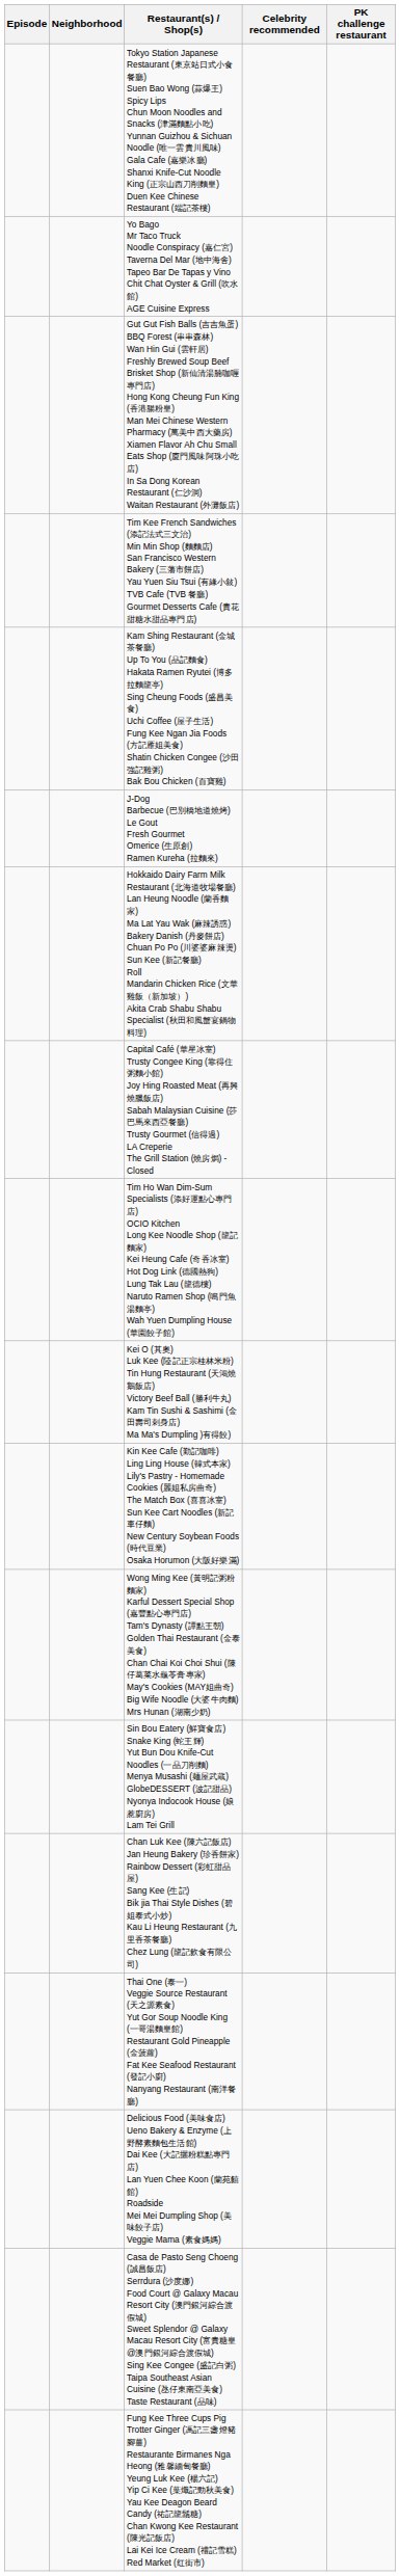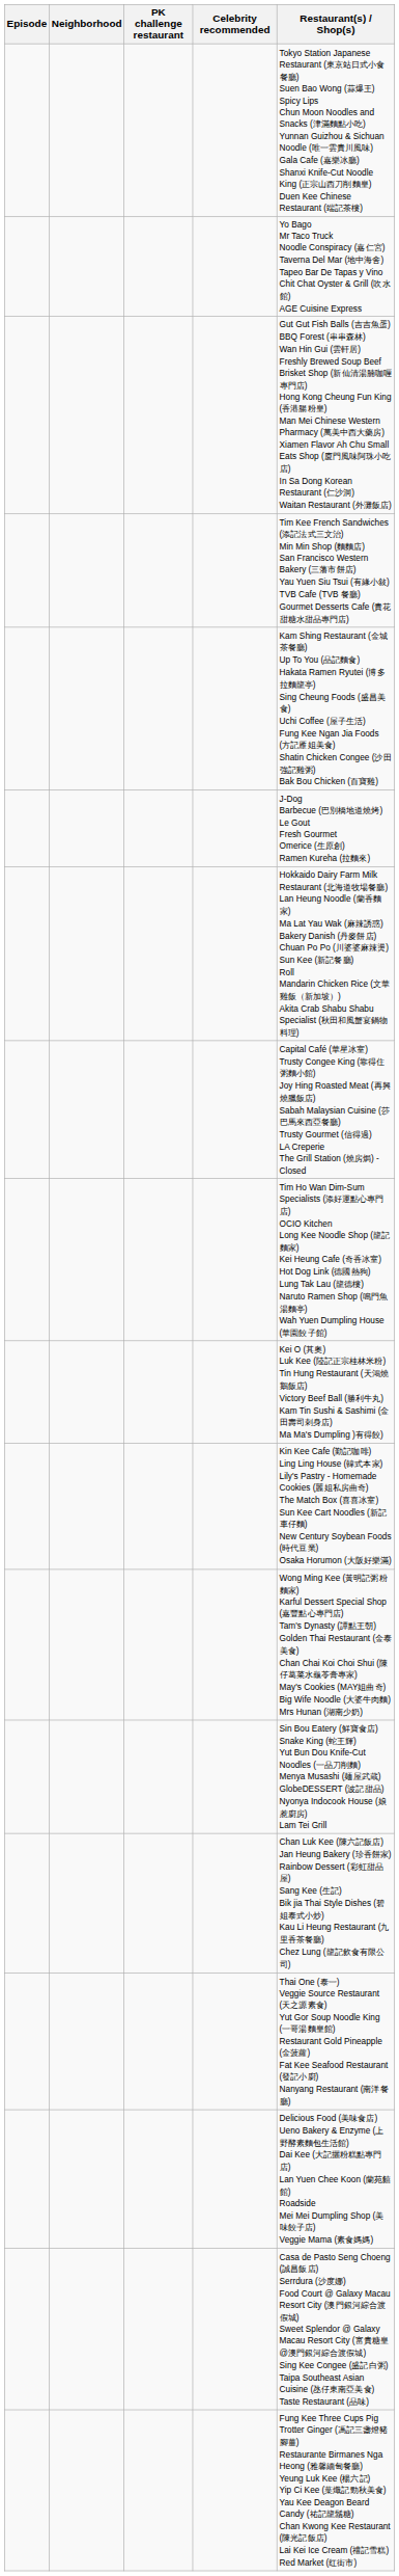 <table class="wikitable">
 <tr>
 <th>Episode</th>
 <th>Neighborhood</th>
+<th>PK challenge restaurant</th>
+<th>Celebrity recommended</th>
 <th>Restaurant(s) / Shop(s)</th>
-<th>Celebrity recommended</th>
-<th>PK challenge restaurant</th>
 </tr>
 <tr>
 <td></td>
 <td></td>
-<td><small>Tokyo Station Japanese Restaurant (東京站日式小食餐廳)<br>Suen Bao Wong (蒜爆王)<br>Spicy Lips<br>Chun Moon Noodles and Snacks (津滿麵點小吃)<br>Yunnan Guizhou & Sichuan Noodle (唯一雲貴川風味)<br>Gala Cafe (嘉樂冰廳)<br>Shanxi Knife-Cut Noodle King (正宗山西刀削麵皇)<br>Duen Kee Chinese Restaurant (端記茶樓)</small></td>
 <td></td>
 <td></td>
+<td><small>Tokyo Station Japanese Restaurant (東京站日式小食餐廳)<br>Suen Bao Wong (蒜爆王)<br>Spicy Lips<br>Chun Moon Noodles and Snacks (津滿麵點小吃)<br>Yunnan Guizhou & Sichuan Noodle (唯一雲貴川風味)<br>Gala Cafe (嘉樂冰廳)<br>Shanxi Knife-Cut Noodle King (正宗山西刀削麵皇)<br>Duen Kee Chinese Restaurant (端記茶樓)</small></td>
 </tr>
 <tr>
 <td></td>
 <td></td>
-<td><small>Yo Bago<br>Mr Taco Truck<br>Noodle Conspiracy (嘉仁宮)<br>Taverna Del Mar (地中海舍)<br>Tapeo Bar De Tapas y Vino<br>Chit Chat Oyster & Grill (吹水館)<br>AGE Cuisine Express</small></td>
 <td></td>
 <td></td>
+<td><small>Yo Bago<br>Mr Taco Truck<br>Noodle Conspiracy (嘉仁宮)<br>Taverna Del Mar (地中海舍)<br>Tapeo Bar De Tapas y Vino<br>Chit Chat Oyster & Grill (吹水館)<br>AGE Cuisine Express</small></td>
 </tr>
 <tr>
 <td></td>
 <td></td>
-<td><small>Gut Gut Fish Balls (吉吉魚蛋)<br>BBQ Forest (串串森林)<br>Wan Hin Gui (雲軒居)<br>Freshly Brewed Soup Beef Brisket Shop (新仙清湯腩咖喱專門店)<br>Hong Kong Cheung Fun King (香港腸粉皇)<br>Man Mei Chinese Western Pharmacy (萬美中西大藥房)<br>Xiamen Flavor Ah Chu Small Eats Shop (廈門風味阿珠小吃店)<br>In Sa Dong Korean Restaurant (仁沙洞)<br>Waitan Restaurant (外灘飯店)</small></td>
 <td></td>
 <td></td>
+<td><small>Gut Gut Fish Balls (吉吉魚蛋)<br>BBQ Forest (串串森林)<br>Wan Hin Gui (雲軒居)<br>Freshly Brewed Soup Beef Brisket Shop (新仙清湯腩咖喱專門店)<br>Hong Kong Cheung Fun King (香港腸粉皇)<br>Man Mei Chinese Western Pharmacy (萬美中西大藥房)<br>Xiamen Flavor Ah Chu Small Eats Shop (廈門風味阿珠小吃店)<br>In Sa Dong Korean Restaurant (仁沙洞)<br>Waitan Restaurant (外灘飯店)</small></td>
 </tr>
 <tr>
 <td></td>
 <td></td>
-<td><small>Tim Kee French Sandwiches (添記法式三文治)<br>Min Min Shop (麵麵店)<br>San Francisco Western Bakery (三藩市餅店)<br>Yau Yuen Siu Tsui (有緣小敍)<br>TVB Cafe (TVB 餐廳)<br>Gourmet Desserts Cafe (貴花甜糖水甜品專門店)</small></td>
 <td></td>
 <td></td>
+<td><small>Tim Kee French Sandwiches (添記法式三文治)<br>Min Min Shop (麵麵店)<br>San Francisco Western Bakery (三藩市餅店)<br>Yau Yuen Siu Tsui (有緣小敍)<br>TVB Cafe (TVB 餐廳)<br>Gourmet Desserts Cafe (貴花甜糖水甜品專門店)</small></td>
 </tr>
 <tr>
 <td></td>
 <td></td>
-<td><small>Kam Shing Restaurant (金城茶餐廳)<br>Up To You (品記麵食)<br>Hakata Ramen Ryutei (博多拉麵龍亭)<br>Sing Cheung Foods (盛昌美食)<br>Uchi Coffee (屋子生活)<br>Fung Kee Ngan Jia Foods (方記雁姐美食)<br>Shatin Chicken Congee (沙田強記雞粥)<br>Bak Bou Chicken (百寶雞)</small></td>
 <td></td>
 <td></td>
+<td><small>Kam Shing Restaurant (金城茶餐廳)<br>Up To You (品記麵食)<br>Hakata Ramen Ryutei (博多拉麵龍亭)<br>Sing Cheung Foods (盛昌美食)<br>Uchi Coffee (屋子生活)<br>Fung Kee Ngan Jia Foods (方記雁姐美食)<br>Shatin Chicken Congee (沙田強記雞粥)<br>Bak Bou Chicken (百寶雞)</small></td>
 </tr>
 <tr>
 <td></td>
 <td></td>
-<td><small>J-Dog<br>Barbecue (巴別橋地道燒烤)<br>Le Gout<br>Fresh Gourmet<br>Omerice (生原創)<br>Ramen Kureha (拉麵來)<br></small></td>
 <td></td>
 <td></td>
+<td><small>J-Dog<br>Barbecue (巴別橋地道燒烤)<br>Le Gout<br>Fresh Gourmet<br>Omerice (生原創)<br>Ramen Kureha (拉麵來)<br></small></td>
 </tr>
 <tr>
 <td></td>
 <td></td>
-<td><small>Hokkaido Dairy Farm Milk Restaurant (北海道牧場餐廳)<br>Lan Heung Noodle (蘭香麵家)<br>Ma Lat Yau Wak (麻辣誘惑)<br>Bakery Danish (丹麥餅店)<br>Chuan Po Po (川婆婆麻辣燙)<br>Sun Kee (新記餐廳)<br>Roll<br>Mandarin Chicken Rice (文華雞飯（新加坡）)<br>Akita Crab Shabu Shabu Specialist (秋田和風蟹宴鍋物料理)</small></td>
 <td></td>
 <td></td>
+<td><small>Hokkaido Dairy Farm Milk Restaurant (北海道牧場餐廳)<br>Lan Heung Noodle (蘭香麵家)<br>Ma Lat Yau Wak (麻辣誘惑)<br>Bakery Danish (丹麥餅店)<br>Chuan Po Po (川婆婆麻辣燙)<br>Sun Kee (新記餐廳)<br>Roll<br>Mandarin Chicken Rice (文華雞飯（新加坡）)<br>Akita Crab Shabu Shabu Specialist (秋田和風蟹宴鍋物料理)</small></td>
 </tr>
 <tr>
 <td></td>
 <td></td>
-<td><small>Capital Café (華星冰室)<br>Trusty Congee King (靠得住粥麵小館)<br>Joy Hing Roasted Meat (再興燒臘飯店)<br>Sabah Malaysian Cuisine (莎巴馬來西亞餐廳)<br>Trusty Gourmet (信得過)<br>LA Creperie<br>The Grill Station (燒房焗) - Closed</small></td>
 <td></td>
 <td></td>
+<td><small>Capital Café (華星冰室)<br>Trusty Congee King (靠得住粥麵小館)<br>Joy Hing Roasted Meat (再興燒臘飯店)<br>Sabah Malaysian Cuisine (莎巴馬來西亞餐廳)<br>Trusty Gourmet (信得過)<br>LA Creperie<br>The Grill Station (燒房焗) - Closed</small></td>
 </tr>
 <tr>
 <td></td>
 <td></td>
-<td><small>Tim Ho Wan Dim-Sum Specialists (添好運點心專門店)<br>OCIO Kitchen<br>Long Kee Noodle Shop (龍記麵家)<br>Kei Heung Cafe (奇香冰室)<br>Hot Dog Link (德國熱狗)<br>Lung Tak Lau (龍德樓)<br>Naruto Ramen Shop (鳴門魚湯麵亭)<br>Wah Yuen Dumpling House (華園餃子館)</small></td>
 <td></td>
 <td></td>
+<td><small>Tim Ho Wan Dim-Sum Specialists (添好運點心專門店)<br>OCIO Kitchen<br>Long Kee Noodle Shop (龍記麵家)<br>Kei Heung Cafe (奇香冰室)<br>Hot Dog Link (德國熱狗)<br>Lung Tak Lau (龍德樓)<br>Naruto Ramen Shop (鳴門魚湯麵亭)<br>Wah Yuen Dumpling House (華園餃子館)</small></td>
 </tr>
 <tr>
 <td></td>
 <td></td>
-<td><small>Kei O (其奧)<br>Luk Kee (陸記正宗桂林米粉)<br>Tin Hung Restaurant (天鴻燒鵝飯店)<br>Victory Beef Ball (勝利牛丸)<br>Kam Tin Sushi & Sashimi (金田壽司刺身店)<br>Ma Ma's Dumpling )有得餃)</small></td>
 <td></td>
 <td></td>
+<td><small>Kei O (其奧)<br>Luk Kee (陸記正宗桂林米粉)<br>Tin Hung Restaurant (天鴻燒鵝飯店)<br>Victory Beef Ball (勝利牛丸)<br>Kam Tin Sushi & Sashimi (金田壽司刺身店)<br>Ma Ma's Dumpling )有得餃)</small></td>
 </tr>
 <tr>
 <td></td>
 <td></td>
-<td><small>Kin Kee Cafe (勤記咖啡)<br>Ling Ling House (韓式本家) <br>Lily's Pastry - Homemade Cookies (麗姐私房曲奇)<br>The Match Box (喜喜冰室)<br>Sun Kee Cart Noodles (新記車仔麵)<br>New Century Soybean Foods (時代豆業)<br>Osaka Horumon (大阪好樂滿)</small></td>
 <td></td>
 <td></td>
+<td><small>Kin Kee Cafe (勤記咖啡)<br>Ling Ling House (韓式本家) <br>Lily's Pastry - Homemade Cookies (麗姐私房曲奇)<br>The Match Box (喜喜冰室)<br>Sun Kee Cart Noodles (新記車仔麵)<br>New Century Soybean Foods (時代豆業)<br>Osaka Horumon (大阪好樂滿)</small></td>
 </tr>
 <tr>
 <td></td>
 <td></td>
-<td><small>Wong Ming Kee (黃明記粥粉麵家)<br>Karful Dessert Special Shop (嘉豐點心專門店)<br>Tam's Dynasty (譚點王朝)<br>Golden Thai Restaurant (金泰美食)<br>Chan Chai Koi Choi Shui (陳仔葛菜水龜苓膏專家)<br>May's Cookies (MAY姐曲奇)<br>Big Wife Noodle (大婆牛肉麵)<br>Mrs Hunan (湖南少奶)</small></td>
 <td></td>
 <td></td>
+<td><small>Wong Ming Kee (黃明記粥粉麵家)<br>Karful Dessert Special Shop (嘉豐點心專門店)<br>Tam's Dynasty (譚點王朝)<br>Golden Thai Restaurant (金泰美食)<br>Chan Chai Koi Choi Shui (陳仔葛菜水龜苓膏專家)<br>May's Cookies (MAY姐曲奇)<br>Big Wife Noodle (大婆牛肉麵)<br>Mrs Hunan (湖南少奶)</small></td>
 </tr>
 <tr>
 <td></td>
 <td></td>
-<td><small>Sin Bou Eatery (鮮寶食店)<br>Snake King (蛇王輝)<br>Yut Bun Dou Knife-Cut Noodles (一品刀削麵)<br>Menya Musashi (麺屋武蔵)<br>GlobeDESSERT (波記甜品)<br>Nyonya Indocook House (娘惹廚房)<br>Lam Tei Grill</small></td>
 <td></td>
 <td></td>
+<td><small>Sin Bou Eatery (鮮寶食店)<br>Snake King (蛇王輝)<br>Yut Bun Dou Knife-Cut Noodles (一品刀削麵)<br>Menya Musashi (麺屋武蔵)<br>GlobeDESSERT (波記甜品)<br>Nyonya Indocook House (娘惹廚房)<br>Lam Tei Grill</small></td>
 </tr>
 <tr>
 <td></td>
 <td></td>
-<td><small>Chan Luk Kee (陳六記飯店)<br>Jan Heung Bakery (珍香餅家)<br>Rainbow Dessert (彩虹甜品屋)<br>Sang Kee (生記)<br>Bik jia Thai Style Dishes (碧姐泰式小炒)<br>Kau Li Heung Restaurant (九里香茶餐廳)<br>Chez Lung (龍記飲食有限公司)</small></td>
 <td></td>
 <td></td>
+<td><small>Chan Luk Kee (陳六記飯店)<br>Jan Heung Bakery (珍香餅家)<br>Rainbow Dessert (彩虹甜品屋)<br>Sang Kee (生記)<br>Bik jia Thai Style Dishes (碧姐泰式小炒)<br>Kau Li Heung Restaurant (九里香茶餐廳)<br>Chez Lung (龍記飲食有限公司)</small></td>
 </tr>
 <tr>
 <td></td>
 <td></td>
-<td><small>Thai One (泰一)<br>Veggie Source Restaurant (天之源素食)<br>Yut Gor Soup Noodle King (一哥湯麵皇館)<br>Restaurant Gold Pineapple (金菠蘿)<br>Fat Kee Seafood Restaurant (發記小廚)<br>Nanyang Restaurant (南洋餐廳)</small></td>
 <td></td>
 <td></td>
+<td><small>Thai One (泰一)<br>Veggie Source Restaurant (天之源素食)<br>Yut Gor Soup Noodle King (一哥湯麵皇館)<br>Restaurant Gold Pineapple (金菠蘿)<br>Fat Kee Seafood Restaurant (發記小廚)<br>Nanyang Restaurant (南洋餐廳)</small></td>
 </tr>
 <tr>
 <td></td>
 <td></td>
-<td><small>Delicious Food (美味食店)<br>Ueno Bakery & Enzyme (上野酵素麵包生活館)<br>Dai Kee (大記攦粉糕點專門店)<br>Lan Yuen Chee Koon (蘭苑饎館)<br>Roadside<br>Mei Mei Dumpling Shop (美味餃子店)<br>Veggie Mama (素食媽媽)</small></td>
 <td></td>
 <td></td>
+<td><small>Delicious Food (美味食店)<br>Ueno Bakery & Enzyme (上野酵素麵包生活館)<br>Dai Kee (大記攦粉糕點專門店)<br>Lan Yuen Chee Koon (蘭苑饎館)<br>Roadside<br>Mei Mei Dumpling Shop (美味餃子店)<br>Veggie Mama (素食媽媽)</small></td>
 </tr>
 <tr>
 <td></td>
 <td></td>
-<td><small>Casa de Pasto Seng Choeng (誠昌飯店)<br>Serrdura (沙度娜)<br>Food Court @ Galaxy Macau Resort City (澳門銀河綜合渡假城)<br>Sweet Splendor @ Galaxy Macau Resort City (富貴糖皇@澳門銀河綜合渡假城)<br>Sing Kee Congee (盛記白粥)<br>Taipa Southeast Asian Cuisine (氹仔東南亞美食)<br>Taste Restaurant (品味)</small></td>
 <td></td>
 <td></td>
+<td><small>Casa de Pasto Seng Choeng (誠昌飯店)<br>Serrdura (沙度娜)<br>Food Court @ Galaxy Macau Resort City (澳門銀河綜合渡假城)<br>Sweet Splendor @ Galaxy Macau Resort City (富貴糖皇@澳門銀河綜合渡假城)<br>Sing Kee Congee (盛記白粥)<br>Taipa Southeast Asian Cuisine (氹仔東南亞美食)<br>Taste Restaurant (品味)</small></td>
 </tr>
 <tr>
 <td></td>
 <td></td>
-<td><small>Fung Kee Three Cups Pig Trotter Ginger (馮記三盞燈豬腳薑)<br>Restaurante Birmanes Nga Heong (雅馨緬甸餐廳)<br>Yeung Luk Kee (楊六記)<br>Yip Ci Kee (葉熾記勁秋美食)<br>Yau Kee Deagon Beard Candy (祐記龍鬚糖)<br>Chan Kwong Kee Restaurant (陳光記飯店)<br>Lai Kei Ice Cream (禮記雪糕)<br>Red Market (红街市)</small></td>
 <td></td>
 <td></td>
+<td><small>Fung Kee Three Cups Pig Trotter Ginger (馮記三盞燈豬腳薑)<br>Restaurante Birmanes Nga Heong (雅馨緬甸餐廳)<br>Yeung Luk Kee (楊六記)<br>Yip Ci Kee (葉熾記勁秋美食)<br>Yau Kee Deagon Beard Candy (祐記龍鬚糖)<br>Chan Kwong Kee Restaurant (陳光記飯店)<br>Lai Kei Ice Cream (禮記雪糕)<br>Red Market (红街市)</small></td>
 </tr>
 </table>
